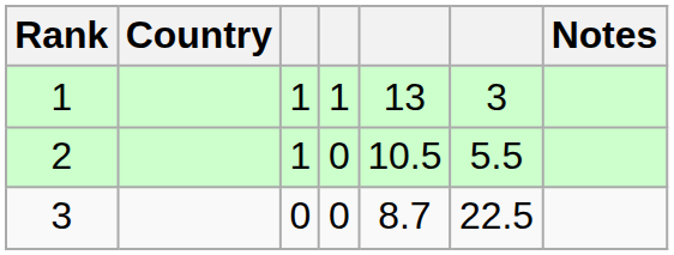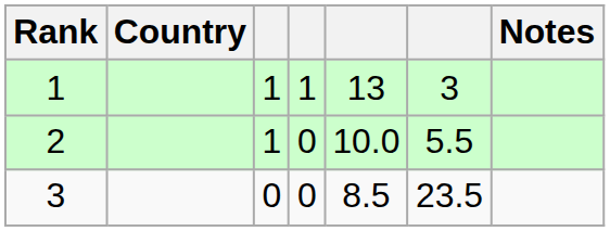 <table class="wikitable sortable" style="text-align: center;">
 <tr>
 <th>Rank</th>
 <th>Country</th>
 <th></th>
 <th></th>
 <th></th>
 <th></th>
 <th>Notes</th>
 </tr>
 <tr style="background:#cfc;">
 <td>1</td>
 <td align=left></td>
 <td>1</td>
 <td>1</td>
 <td>13</td>
 <td>3</td>
 <td></td>
 </tr>
 <tr style="background:#cfc;">
 <td>2</td>
 <td align=left></td>
 <td>1</td>
 <td>0</td>
-<td>10.5</td>
+<td>10.0</td>
 <td>5.5</td>
 <td></td>
 </tr>
 <tr>
 <td>3</td>
 <td align=left></td>
 <td>0</td>
 <td>0</td>
-<td>8.7</td>
-<td>22.5</td>
+<td>8.5</td>
+<td>23.5</td>
 <td></td>
 </tr>
 </table>
